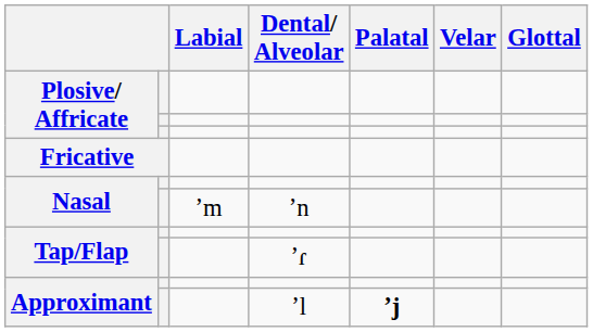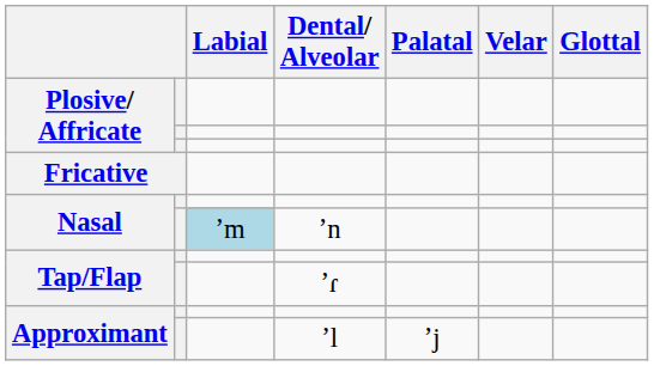 <table class="wikitable" style="text-align:center">
 <tr>
 <th colspan="2"></th>
 <th><a href='#'>Labial</a></th>
 <th><a href='#'>Dental</a>/<br><a href='#'>Alveolar</a></th>
 <th><a href='#'>Palatal</a></th>
 <th><a href='#'>Velar</a></th>
 <th><a href='#'>Glottal</a></th>
 </tr>
 <tr>
 <th rowspan="3"><a href='#'>Plosive</a>/<br><a href='#'>Affricate</a></th>
 <th></th>
 <td></td>
 <td> </td>
 <td> </td>
 <td> </td>
 <td></td>
 </tr>
 <tr>
 <th></th>
 <td></td>
 <td></td>
 <td></td>
 <td></td>
 <td></td>
 </tr>
 <tr>
 <th></th>
 <td></td>
 <td></td>
 <td></td>
 <td></td>
 <td></td>
 </tr>
 <tr>
 <th colspan="2"><a href='#'>Fricative</a></th>
 <td></td>
 <td> </td>
 <td></td>
 <td></td>
 <td></td>
 </tr>
 <tr>
 <th rowspan="2"><a href='#'>Nasal</a></th>
 <th></th>
 <td></td>
 <td></td>
 <td></td>
 <td></td>
 <td></td>
 </tr>
 <tr>
 <th></th>
-<td>ʼm</td>
+<td style="background: lightblue;">ʼm</td>
 <td>ʼn</td>
 <td></td>
 <td></td>
 <td></td>
 </tr>
 <tr>
 <th rowspan="2"><a href='#'>Tap/Flap</a></th>
 <th></th>
 <td></td>
 <td></td>
 <td></td>
 <td></td>
 <td></td>
 </tr>
 <tr>
 <th></th>
 <td></td>
 <td>ʼɾ</td>
 <td></td>
 <td></td>
 <td></td>
 </tr>
 <tr>
 <th rowspan="2"><a href='#'>Approximant</a></th>
 <th></th>
 <td></td>
 <td></td>
 <td></td>
 <td></td>
 <td></td>
 </tr>
 <tr>
 <th></th>
 <td></td>
 <td>ʼl</td>
-<td><strong>ʼj</strong></td>
+<td>ʼj</td>
 <td></td>
 <td></td>
 </tr>
 </table>
